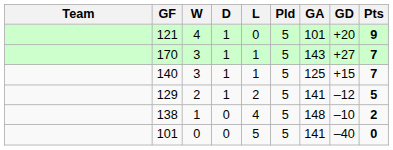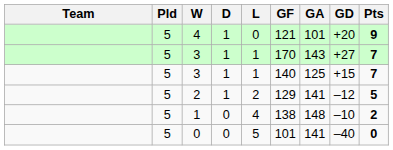 <table class="wikitable" style="text-align: center;">
 <tr>
 <th width="180">Team</th>
-<th width="30">GF</th>
+<th width="30">Pld</th>
 <th width="30">W</th>
 <th width="30">D</th>
 <th width="30">L</th>
-<th width="30">Pld</th>
+<th width="30">GF</th>
 <th width="30">GA</th>
 <th width="30">GD</th>
 <th width="30">Pts</th>
 </tr>
 <tr bgcolor=#CCFFCC>
 <td align="left"></td>
-<td>121</td>
+<td>5</td>
 <td>4</td>
 <td>1</td>
 <td>0</td>
-<td>5</td>
+<td>121</td>
 <td>101</td>
 <td>+20</td>
 <td><strong>9</strong></td>
 </tr>
 <tr bgcolor=#CCFFCC>
 <td align="left"></td>
-<td>170</td>
+<td>5</td>
 <td>3</td>
 <td>1</td>
 <td>1</td>
-<td>5</td>
+<td>170</td>
 <td>143</td>
 <td>+27</td>
 <td><strong>7</strong></td>
 </tr>
 <tr>
 <td align="left"></td>
-<td>140</td>
+<td>5</td>
 <td>3</td>
 <td>1</td>
 <td>1</td>
-<td>5</td>
+<td>140</td>
 <td>125</td>
 <td>+15</td>
 <td><strong>7</strong></td>
 </tr>
 <tr>
 <td align="left"></td>
-<td>129</td>
+<td>5</td>
 <td>2</td>
 <td>1</td>
 <td>2</td>
-<td>5</td>
+<td>129</td>
 <td>141</td>
 <td>–12</td>
 <td><strong>5</strong></td>
 </tr>
 <tr>
 <td align="left"></td>
-<td>138</td>
+<td>5</td>
 <td>1</td>
 <td>0</td>
 <td>4</td>
-<td>5</td>
+<td>138</td>
 <td>148</td>
 <td>–10</td>
 <td><strong>2</strong></td>
 </tr>
 <tr>
 <td align="left"></td>
-<td>101</td>
+<td>5</td>
 <td>0</td>
 <td>0</td>
 <td>5</td>
-<td>5</td>
+<td>101</td>
 <td>141</td>
 <td>–40</td>
 <td><strong>0</strong></td>
 </tr>
 </table>
